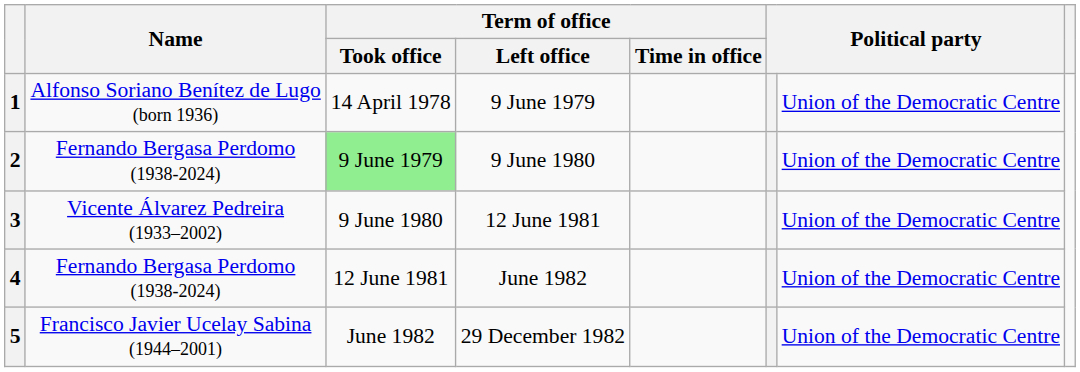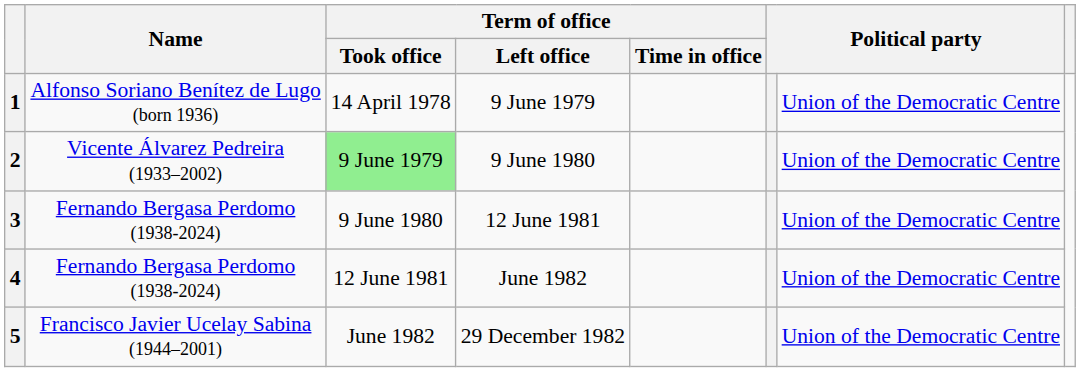 <table class="wikitable" style="text-align:center">
 <tr>
 <th rowspan=2></th>
 <th rowspan=2>Name<br></th>
 <th colspan=3>Term of office</th>
 <th colspan=2 rowspan=2>Political party</th>
 <th rowspan=2></th>
 </tr>
 <tr>
 <th>Took office</th>
 <th>Left office</th>
 <th>Time in office</th>
 </tr>
 <tr>
 <th>1</th>
 <td><a href='#'>Alfonso Soriano Benítez de Lugo</a><br><small>(born 1936)</small></td>
 <td>14 April 1978</td>
 <td>9 June 1979</td>
 <td></td>
 <th style="background:"></th>
 <td><a href='#'>Union of the Democratic Centre</a></td>
 </tr>
 <tr>
 <th>2</th>
-<td><a href='#'>Fernando Bergasa Perdomo</a><br><small>(1938-2024)</small></td>
+<td><a href='#'>Vicente Álvarez Pedreira</a><br><small>(1933–2002)</small></td>
 <td style="background: lightgreen;">9 June 1979</td>
 <td>9 June 1980</td>
 <td></td>
 <th style="background:"></th>
 <td><a href='#'>Union of the Democratic Centre</a></td>
 </tr>
 <tr>
 <th>3</th>
-<td><a href='#'>Vicente Álvarez Pedreira</a><br><small>(1933–2002)</small></td>
+<td><a href='#'>Fernando Bergasa Perdomo</a><br><small>(1938-2024)</small></td>
 <td>9 June 1980</td>
 <td>12 June 1981</td>
 <td></td>
 <th style="background:"></th>
 <td><a href='#'>Union of the Democratic Centre</a></td>
 </tr>
 <tr>
 <th>4</th>
 <td><a href='#'>Fernando Bergasa Perdomo</a><br><small>(1938-2024)</small></td>
 <td>12 June 1981</td>
 <td>June 1982</td>
 <td></td>
 <th style="background:"></th>
 <td><a href='#'>Union of the Democratic Centre</a></td>
 </tr>
 <tr>
 <th>5</th>
 <td><a href='#'>Francisco Javier Ucelay Sabina</a><br><small>(1944–2001)</small></td>
 <td>June 1982</td>
 <td>29 December 1982</td>
 <td></td>
 <th style="background:"></th>
 <td><a href='#'>Union of the Democratic Centre</a></td>
 </tr>
 </table>
